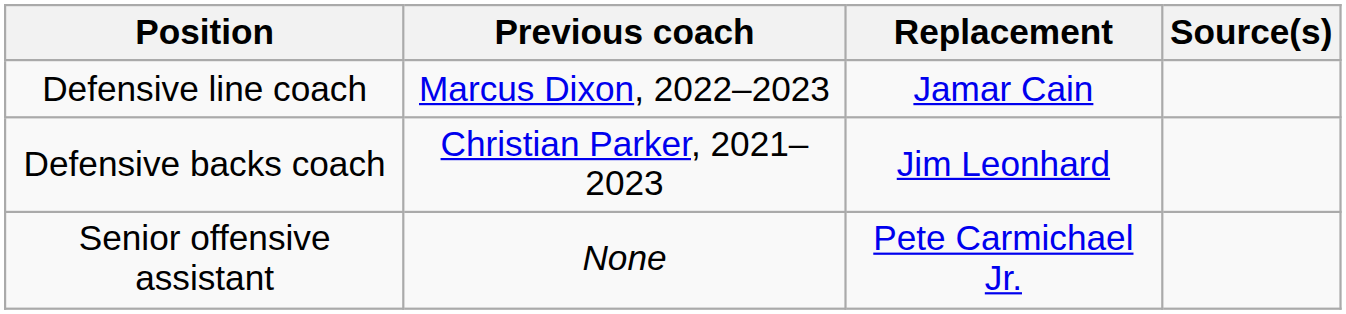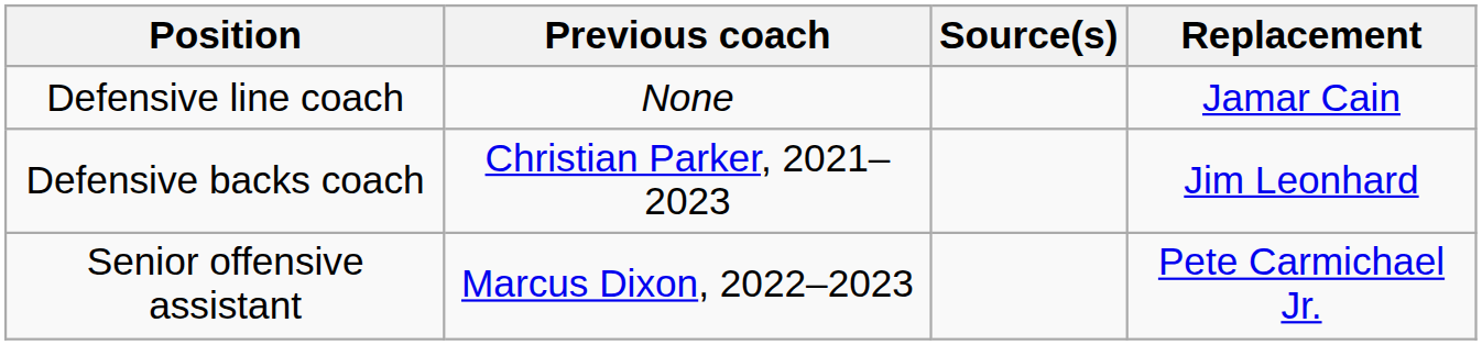 <table class="wikitable" style="text-align:center">
 <tr>
 <th>Position</th>
 <th>Previous coach</th>
+<th>Source(s)</th>
 <th>Replacement</th>
-<th>Source(s)</th>
 </tr>
 <tr>
 <td>Defensive line coach</td>
-<td><a href='#'>Marcus Dixon</a>, 2022–2023</td>
+<td><em>None</em></td>
+<td></td>
 <td><a href='#'>Jamar Cain</a></td>
-<td></td>
 </tr>
 <tr>
 <td>Defensive backs coach</td>
 <td><a href='#'>Christian Parker</a>, 2021–2023</td>
+<td></td>
 <td><a href='#'>Jim Leonhard</a></td>
-<td></td>
 </tr>
 <tr>
 <td>Senior offensive assistant</td>
-<td><em>None</em></td>
+<td><a href='#'>Marcus Dixon</a>, 2022–2023</td>
+<td></td>
 <td><a href='#'>Pete Carmichael Jr.</a></td>
-<td></td>
 </tr>
 </table>
